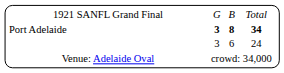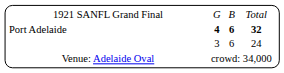 <table style="margin-right:4px; margin-top:8px; float:right; border:1px #000 solid; border-radius:8px; background:#fff; font-family:Verdana; font-size:8pt; text-align:center;">
 <tr>
 <td width=200>1921 SANFL Grand Final</td>
 <td><em>G</em></td>
 <td><em>B</em></td>
 <td><em>Total</em></td>
 </tr>
 <tr>
 <td style="text-align:left">Port Adelaide</td>
-<td><strong>3</strong></td>
-<td><strong>8</strong></td>
-<td><strong>34</strong></td>
+<td><strong>4</strong></td>
+<td><strong>6</strong></td>
+<td><strong>32</strong></td>
 </tr>
 <tr>
 <td style="text-align:left"></td>
 <td>3</td>
 <td>6</td>
 <td>24</td>
 </tr>
 <tr>
 <td>Venue: <a href='#'>Adelaide Oval</a></td>
 <td colspan=3>crowd: 34,000</td>
 <td colspan=3></td>
 </tr>
 </table>
